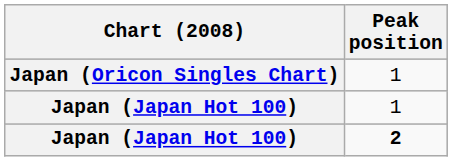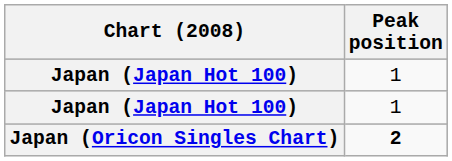 <table class="wikitable sortable plainrowheaders" style="text-align:center">
 <tr>
 <th scope="col">Chart (2008)</th>
 <th scope="col">Peak<br> position</th>
 </tr>
 <tr>
-<th scope="row">Japan (<a href='#'>Oricon Singles Chart</a>)</th>
+<th scope="row">Japan (<a href='#'>Japan Hot 100</a>)</th>
 <td>1</td>
 </tr>
 <tr>
 <th scope="row">Japan (<a href='#'>Japan Hot 100</a>)</th>
 <td>1</td>
 </tr>
 <tr>
-<th scope="row">Japan (<a href='#'>Japan Hot 100</a>)</th>
+<th scope="row">Japan (<a href='#'>Oricon Singles Chart</a>)</th>
 <td><strong>2</strong></td>
 </tr>
 </table>
